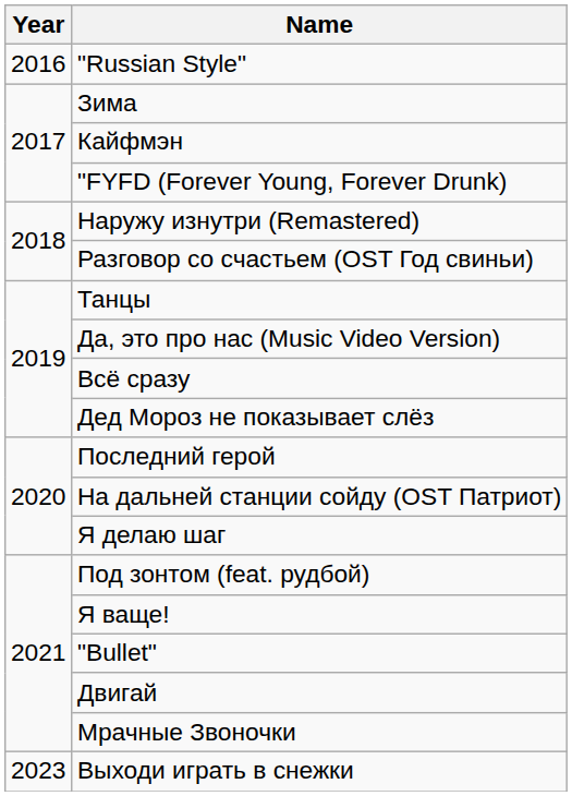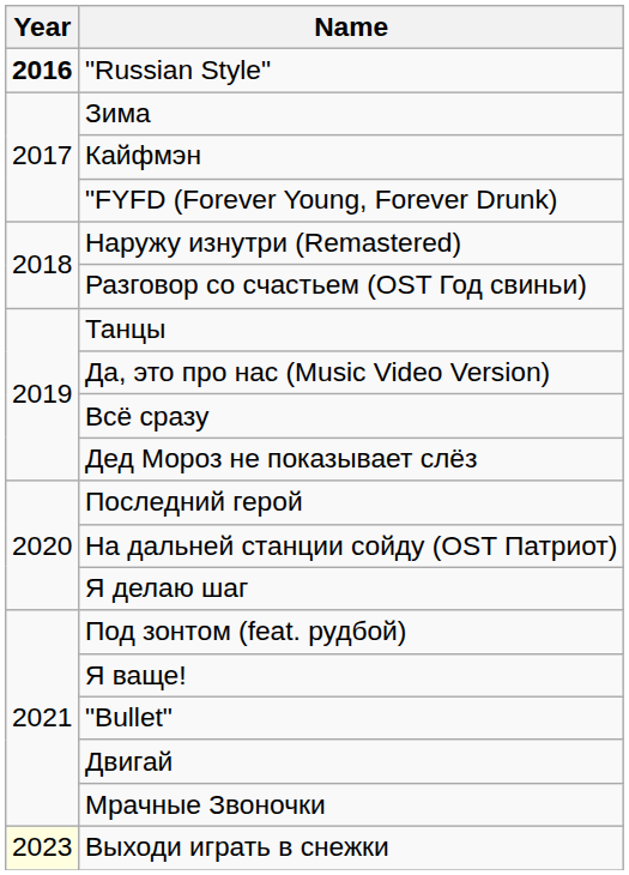 <table class="wikitable">
 <tr>
 <th>Year</th>
 <th>Name</th>
 </tr>
 <tr>
-<td>2016</td>
+<td><strong>2016</strong></td>
 <td>"Russian Style"</td>
 </tr>
 <tr>
 <td rowspan="3">2017</td>
 <td>Зима</td>
 </tr>
 <tr>
 <td>Кайфмэн</td>
 </tr>
 <tr>
 <td>"FYFD (Forever Young, Forever Drunk)</td>
 </tr>
 <tr>
 <td rowspan="2">2018</td>
 <td>Наружу изнутри (Remastered)</td>
 </tr>
 <tr>
 <td>Разговор со счастьем (OST Год свиньи)</td>
 </tr>
 <tr>
 <td rowspan="4">2019</td>
 <td>Танцы</td>
 </tr>
 <tr>
 <td>Да, это про нас (Music Video Version)</td>
 </tr>
 <tr>
 <td>Всё сразу</td>
 </tr>
 <tr>
 <td>Дед Мороз не показывает слёз</td>
 </tr>
 <tr>
 <td rowspan="3">2020</td>
 <td>Последний герой</td>
 </tr>
 <tr>
 <td>На дальней станции сойду (OST Патриот)</td>
 </tr>
 <tr>
 <td>Я делаю шаг</td>
 </tr>
 <tr>
 <td rowspan="5">2021</td>
 <td>Под зонтом (feat. рудбой)</td>
 </tr>
 <tr>
 <td>Я ваще!</td>
 </tr>
 <tr>
 <td>"Bullet"<br></td>
 </tr>
 <tr>
 <td>Двигай</td>
 </tr>
 <tr>
 <td>Мрачные Звоночки</td>
 </tr>
 <tr>
-<td rowspan="1">2023</td>
+<td rowspan="1" style="background: lightyellow;">2023</td>
 <td>Выходи играть в снежки</td>
 </tr>
 </table>
